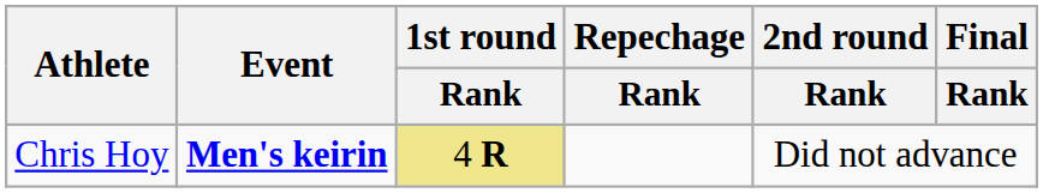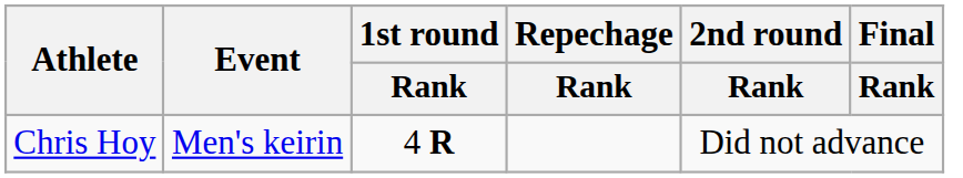 <table class=wikitable style="font-size:90%">
 <tr>
 <th rowspan="2">Athlete</th>
 <th rowspan="2">Event</th>
 <th>1st round</th>
 <th>Repechage</th>
 <th>2nd round</th>
 <th>Final</th>
 </tr>
 <tr style="font-size:95%">
 <th>Rank</th>
 <th>Rank</th>
 <th>Rank</th>
 <th>Rank</th>
 </tr>
 <tr align=center>
 <td align=left><a href='#'>Chris Hoy</a></td>
-<td align=left><strong><a href='#'>Men's keirin</a></strong></td>
-<td style="background: khaki;">4 <strong>R</strong></td>
+<td align=left><a href='#'>Men's keirin</a></td>
+<td>4 <strong>R</strong></td>
 <td></td>
 <td colspan=2>Did not advance</td>
 </tr>
 </table>
